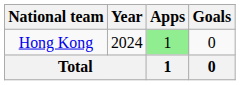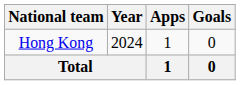 <table class="wikitable" style="text-align:center">
 <tr>
 <th>National team</th>
 <th>Year</th>
 <th>Apps</th>
 <th>Goals</th>
 </tr>
 <tr>
 <td rowspan="1"><a href='#'>Hong Kong</a></td>
 <td>2024</td>
-<td style="background: lightgreen;">1</td>
+<td>1</td>
 <td>0</td>
 </tr>
 <tr>
 <th colspan="2">Total</th>
 <th>1</th>
 <th>0</th>
 </tr>
 </table>
